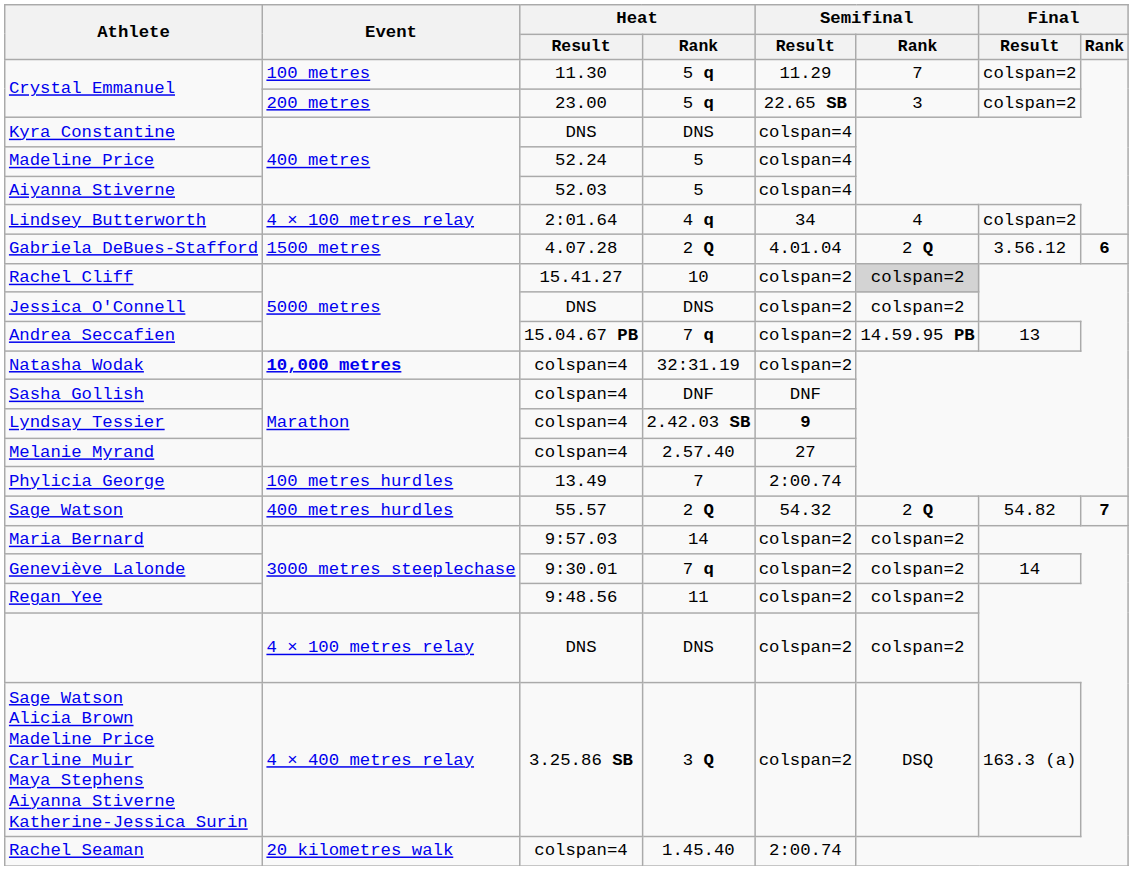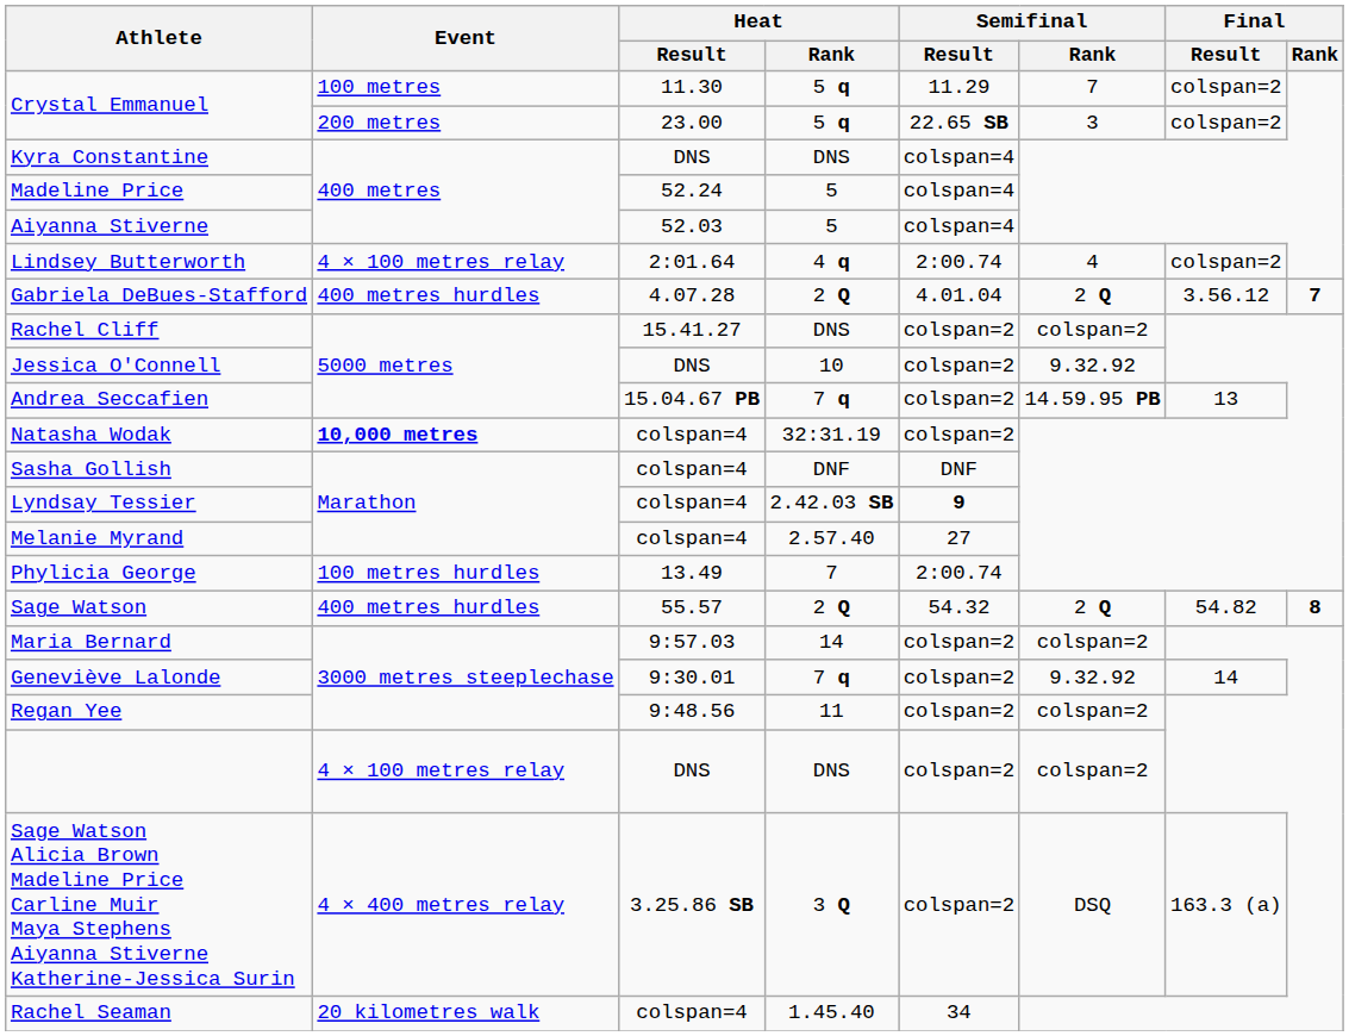 <table class="wikitable" style="font-size:90%">
 <tr>
 <th rowspan="2">Athlete</th>
 <th rowspan="2">Event</th>
 <th colspan="2">Heat</th>
 <th colspan="2">Semifinal</th>
 <th colspan="2">Final</th>
 </tr>
 <tr style="font-size:95%">
 <th>Result</th>
 <th>Rank</th>
 <th>Result</th>
 <th>Rank</th>
 <th>Result</th>
 <th>Rank</th>
 </tr>
 <tr align=center>
 <td align=left rowspan=2><a href='#'>Crystal Emmanuel</a></td>
 <td align=left><a href='#'>100 metres</a></td>
 <td>11.30</td>
 <td>5 <strong>q</strong></td>
 <td>11.29</td>
 <td>7</td>
 <td>colspan=2 </td>
 </tr>
 <tr align=center>
 <td align=left><a href='#'>200 metres</a></td>
 <td>23.00</td>
 <td>5 <strong>q</strong></td>
 <td>22.65 <strong>SB</strong></td>
 <td>3</td>
 <td>colspan=2 </td>
 </tr>
 <tr align=center>
 <td align=left><a href='#'>Kyra Constantine</a></td>
 <td align=left rowspan=3><a href='#'>400 metres</a></td>
 <td>DNS</td>
 <td>DNS</td>
 <td>colspan=4 </td>
 </tr>
 <tr align=center>
 <td align=left><a href='#'>Madeline Price</a></td>
 <td>52.24</td>
 <td>5</td>
 <td>colspan=4 </td>
 </tr>
 <tr align=center>
 <td align=left><a href='#'>Aiyanna Stiverne</a></td>
 <td>52.03</td>
 <td>5</td>
 <td>colspan=4 </td>
 </tr>
 <tr align=center>
 <td align=left><a href='#'>Lindsey Butterworth</a></td>
 <td align=left><a href='#'>4 × 100 metres relay</a></td>
 <td>2:01.64</td>
 <td>4 <strong>q</strong></td>
-<td>34</td>
+<td>2:00.74</td>
 <td>4</td>
 <td>colspan=2 </td>
 </tr>
 <tr align=center>
 <td align=left><a href='#'>Gabriela DeBues-Stafford</a></td>
-<td align=left><a href='#'>1500 metres</a></td>
+<td align=left><a href='#'>400 metres hurdles</a></td>
 <td>4.07.28</td>
 <td>2 <strong>Q</strong></td>
 <td>4.01.04</td>
 <td>2 <strong>Q</strong></td>
 <td>3.56.12 <strong></strong></td>
-<td><strong>6</strong></td>
+<td><strong>7</strong></td>
 </tr>
 <tr align=center>
 <td align=left><a href='#'>Rachel Cliff</a></td>
 <td align=left rowspan=3><a href='#'>5000 metres</a></td>
 <td>15.41.27</td>
-<td>10</td>
+<td>DNS</td>
 <td>colspan=2 </td>
-<td style="background: lightgrey;">colspan=2 </td>
+<td>colspan=2 </td>
 </tr>
 <tr align=center>
 <td align=left><a href='#'>Jessica O'Connell</a></td>
 <td>DNS</td>
-<td>DNS</td>
+<td>10</td>
 <td>colspan=2 </td>
-<td>colspan=2 </td>
+<td>9.32.92</td>
 </tr>
 <tr align=center>
 <td align=left><a href='#'>Andrea Seccafien</a></td>
 <td>15.04.67 <strong>PB</strong></td>
 <td>7 <strong>q</strong></td>
 <td>colspan=2 </td>
 <td>14.59.95 <strong>PB</strong></td>
 <td>13</td>
 </tr>
 <tr align=center>
 <td align=left><a href='#'>Natasha Wodak</a></td>
 <td align=left><strong><a href='#'>10,000 metres</a></strong></td>
 <td>colspan=4 </td>
 <td>32:31.19</td>
 <td>colspan=2 </td>
 </tr>
 <tr align=center>
 <td align=left><a href='#'>Sasha Gollish</a></td>
 <td align=left rowspan=3><a href='#'>Marathon</a></td>
 <td>colspan=4 </td>
 <td>DNF</td>
 <td>DNF</td>
 </tr>
 <tr align=center>
 <td align=left><a href='#'>Lyndsay Tessier</a></td>
 <td>colspan=4 </td>
 <td>2.42.03 <strong>SB</strong></td>
 <td><strong>9</strong></td>
 </tr>
 <tr align=center>
 <td align=left><a href='#'>Melanie Myrand</a></td>
 <td>colspan=4 </td>
 <td>2.57.40</td>
 <td>27</td>
 </tr>
 <tr align=center>
 <td align=left><a href='#'>Phylicia George</a></td>
 <td align=left><a href='#'>100 metres hurdles</a></td>
 <td>13.49</td>
 <td>7</td>
 <td>2:00.74</td>
 </tr>
 <tr align=center>
 <td align=left><a href='#'>Sage Watson</a></td>
 <td align=left><a href='#'>400 metres hurdles</a></td>
 <td>55.57</td>
 <td>2 <strong>Q</strong></td>
 <td>54.32 <strong></strong></td>
 <td>2 <strong>Q</strong></td>
 <td>54.82</td>
-<td><strong>7</strong></td>
+<td><strong>8</strong></td>
 </tr>
 <tr align=center>
 <td align=left><a href='#'>Maria Bernard</a></td>
 <td align=left rowspan=3><a href='#'>3000 metres steeplechase</a></td>
 <td>9:57.03</td>
 <td>14</td>
 <td>colspan=2 </td>
 <td>colspan=2 </td>
 </tr>
 <tr align=center>
 <td align=left><a href='#'>Geneviève Lalonde</a></td>
 <td>9:30.01</td>
 <td>7 <strong>q</strong></td>
 <td>colspan=2 </td>
-<td>colspan=2 </td>
+<td>9.32.92</td>
 <td>14</td>
 </tr>
 <tr align=center>
 <td align=left><a href='#'>Regan Yee</a></td>
 <td>9:48.56</td>
 <td>11</td>
 <td>colspan=2 </td>
 <td>colspan=2 </td>
 </tr>
 <tr align=center>
 <td align=left><br><br><br></td>
 <td align=left><a href='#'>4 × 100 metres relay</a></td>
 <td>DNS</td>
 <td>DNS</td>
 <td>colspan=2 </td>
 <td>colspan=2 </td>
 </tr>
 <tr align=center>
 <td align=left><a href='#'>Sage Watson</a><br><a href='#'>Alicia Brown</a><br><a href='#'>Madeline Price</a><br><a href='#'>Carline Muir</a><br><a href='#'>Maya Stephens</a><br><a href='#'>Aiyanna Stiverne</a><br><a href='#'>Katherine-Jessica Surin</a></td>
 <td align=left><a href='#'>4 × 400 metres relay</a></td>
 <td>3.25.86 <strong>SB</strong></td>
 <td>3 <strong>Q</strong></td>
 <td>colspan=2 </td>
 <td>DSQ</td>
 <td>163.3 (a)</td>
 </tr>
 <tr align=center>
 <td align=left><a href='#'>Rachel Seaman</a></td>
 <td align=left><a href='#'>20 kilometres walk</a></td>
 <td>colspan=4 </td>
 <td>1.45.40</td>
-<td>2:00.74</td>
+<td>34</td>
 </tr>
 </table>
